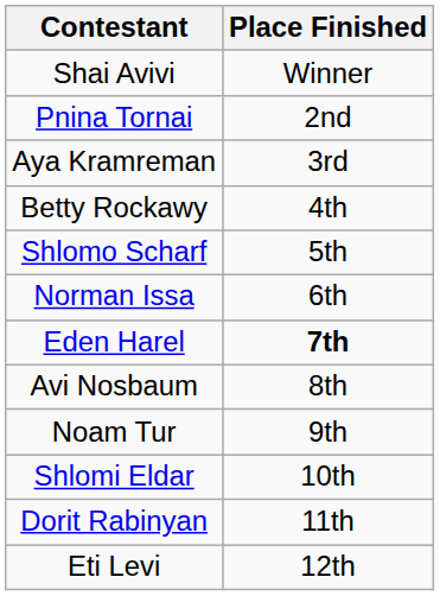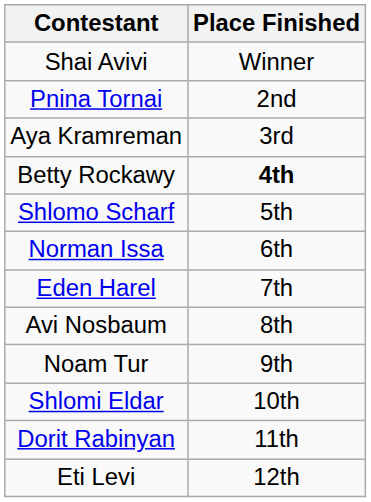 <table class="wikitable" style="text-align:center">
 <tr>
 <th>Contestant</th>
 <th>Place Finished</th>
 </tr>
 <tr>
 <td>Shai Avivi</td>
 <td>Winner</td>
 </tr>
 <tr>
 <td><a href='#'>Pnina Tornai</a></td>
 <td>2nd</td>
 </tr>
 <tr>
 <td>Aya Kramreman</td>
 <td>3rd</td>
 </tr>
 <tr>
 <td>Betty Rockawy</td>
-<td>4th</td>
+<td><strong>4th</strong></td>
 </tr>
 <tr>
 <td><a href='#'>Shlomo Scharf</a></td>
 <td>5th</td>
 </tr>
 <tr>
 <td><a href='#'>Norman Issa</a></td>
 <td>6th</td>
 </tr>
 <tr>
 <td><a href='#'>Eden Harel</a></td>
-<td><strong>7th</strong></td>
+<td>7th</td>
 </tr>
 <tr>
 <td>Avi Nosbaum</td>
 <td>8th</td>
 </tr>
 <tr>
 <td>Noam Tur</td>
 <td>9th</td>
 </tr>
 <tr>
 <td><a href='#'>Shlomi Eldar</a></td>
 <td>10th</td>
 </tr>
 <tr>
 <td><a href='#'>Dorit Rabinyan</a></td>
 <td>11th</td>
 </tr>
 <tr>
 <td>Eti Levi</td>
 <td>12th</td>
 </tr>
 </table>
